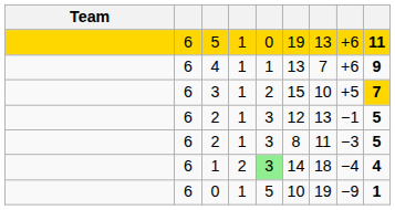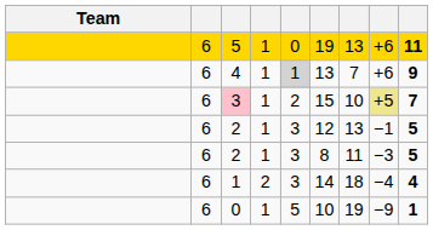 <table class=wikitable style="text-align:center">
 <tr>
 <th width=165>Team</th>
 <th width=20></th>
 <th width=20></th>
 <th width=20></th>
 <th width=20></th>
 <th width=20></th>
 <th width=20></th>
 <th width=20></th>
 <th width=20></th>
 </tr>
 <tr align=center bgcolor=gold>
 <td align=left></td>
 <td>6</td>
 <td>5</td>
 <td>1</td>
 <td>0</td>
 <td>19</td>
 <td>13</td>
 <td>+6</td>
 <td><strong>11</strong></td>
 </tr>
 <tr align=center>
 <td align=left></td>
 <td>6</td>
 <td>4</td>
 <td>1</td>
-<td>1</td>
+<td style="background: lightgrey;">1</td>
 <td>13</td>
 <td>7</td>
 <td>+6</td>
 <td><strong>9</strong></td>
 </tr>
 <tr align=center>
 <td align=left></td>
 <td>6</td>
-<td>3</td>
+<td style="background: pink;">3</td>
 <td>1</td>
 <td>2</td>
 <td>15</td>
 <td>10</td>
-<td>+5</td>
-<td style="background: gold;"><strong>7</strong></td>
+<td style="background: khaki;">+5</td>
+<td><strong>7</strong></td>
 </tr>
 <tr align=center>
 <td align=left></td>
 <td>6</td>
 <td>2</td>
 <td>1</td>
 <td>3</td>
 <td>12</td>
 <td>13</td>
 <td>−1</td>
 <td><strong>5</strong></td>
 </tr>
 <tr align=center>
 <td align=left></td>
 <td>6</td>
 <td>2</td>
 <td>1</td>
 <td>3</td>
 <td>8</td>
 <td>11</td>
 <td>−3</td>
 <td><strong>5</strong></td>
 </tr>
 <tr align=center>
 <td align=left></td>
 <td>6</td>
 <td>1</td>
 <td>2</td>
-<td style="background: lightgreen;">3</td>
+<td>3</td>
 <td>14</td>
 <td>18</td>
 <td>−4</td>
 <td><strong>4</strong></td>
 </tr>
 <tr align=center>
 <td align=left></td>
 <td>6</td>
 <td>0</td>
 <td>1</td>
 <td>5</td>
 <td>10</td>
 <td>19</td>
 <td>−9</td>
 <td><strong>1</strong></td>
 </tr>
 </table>
